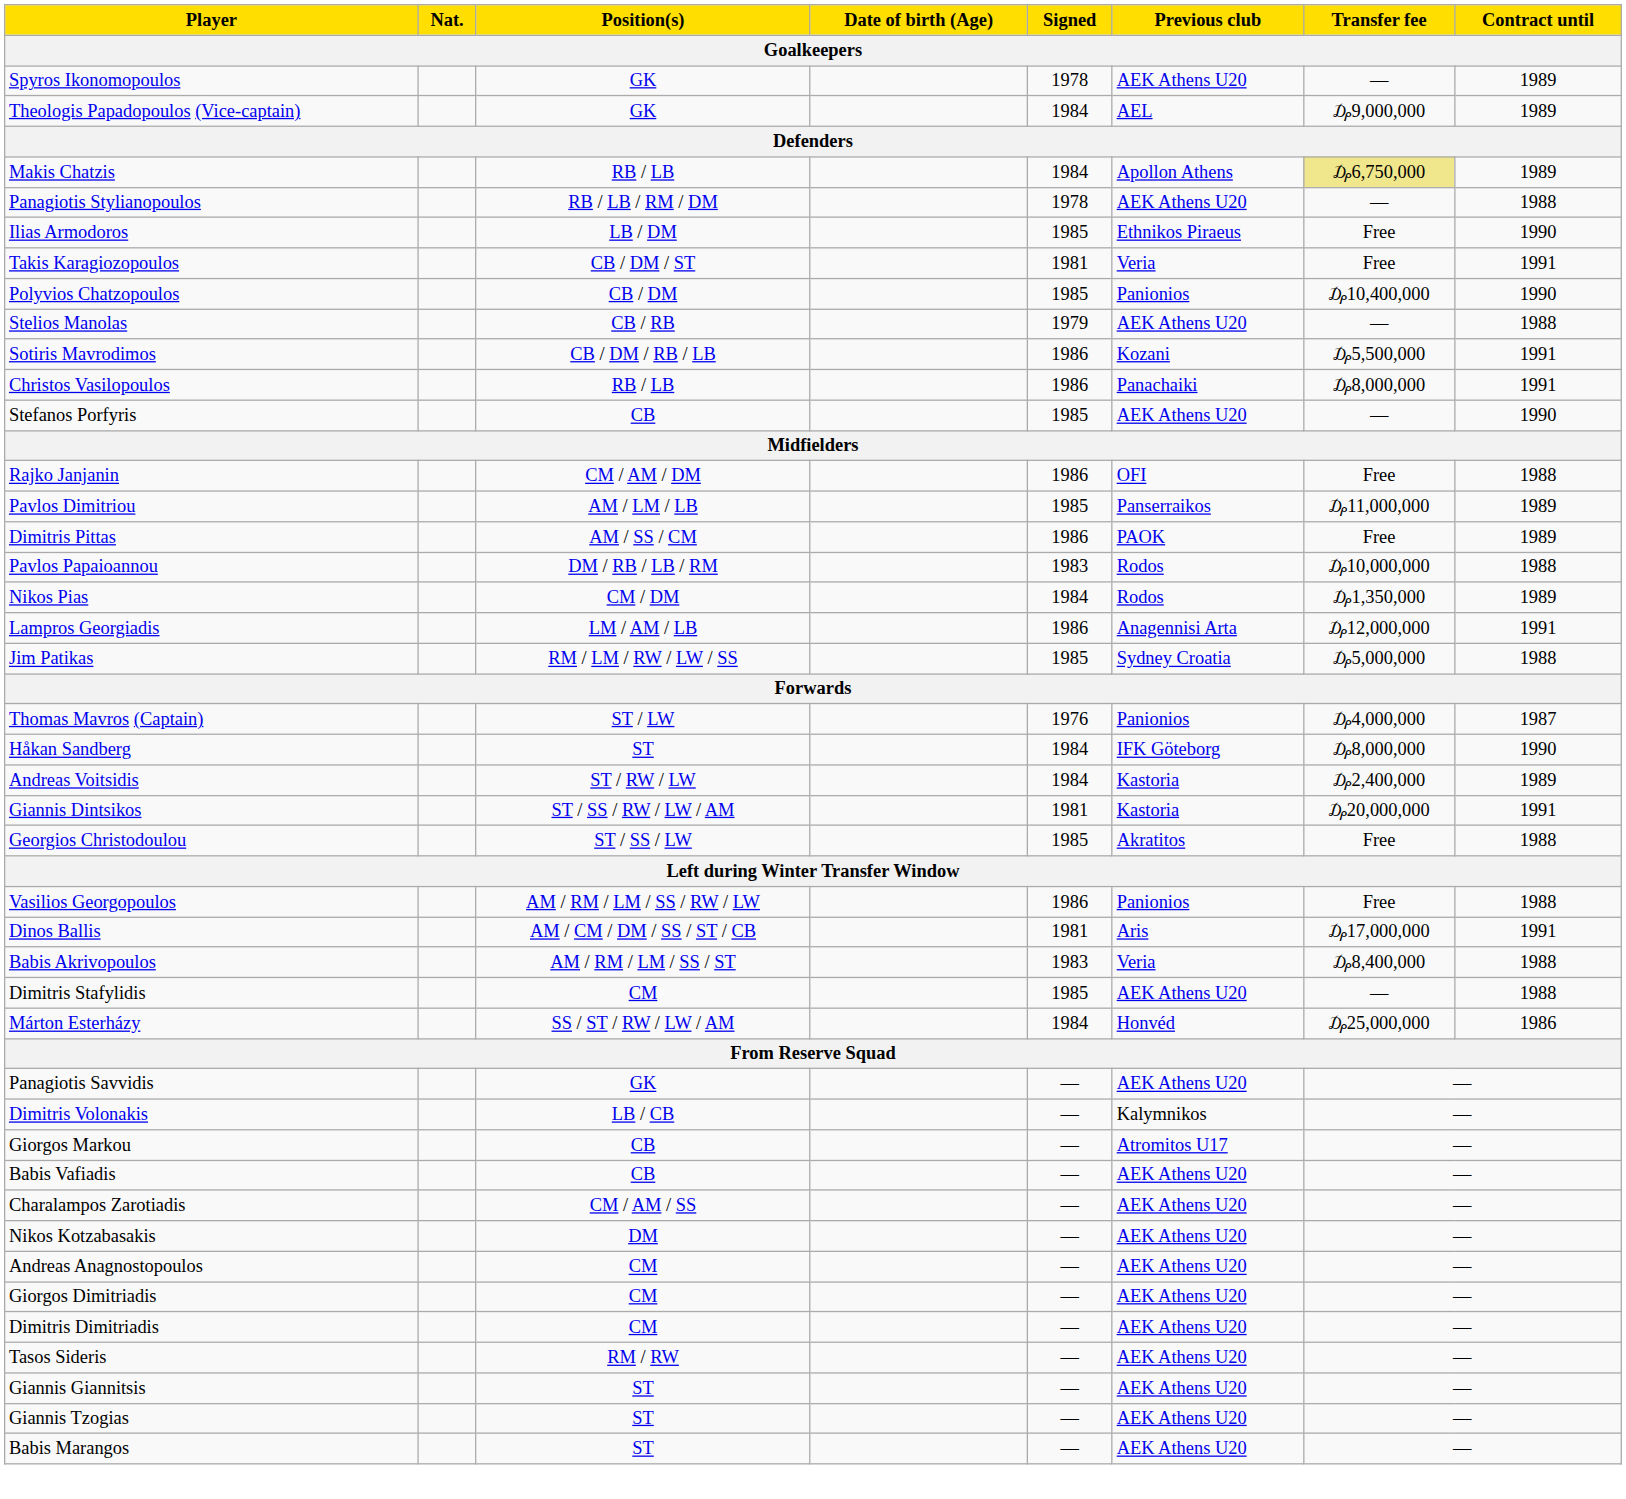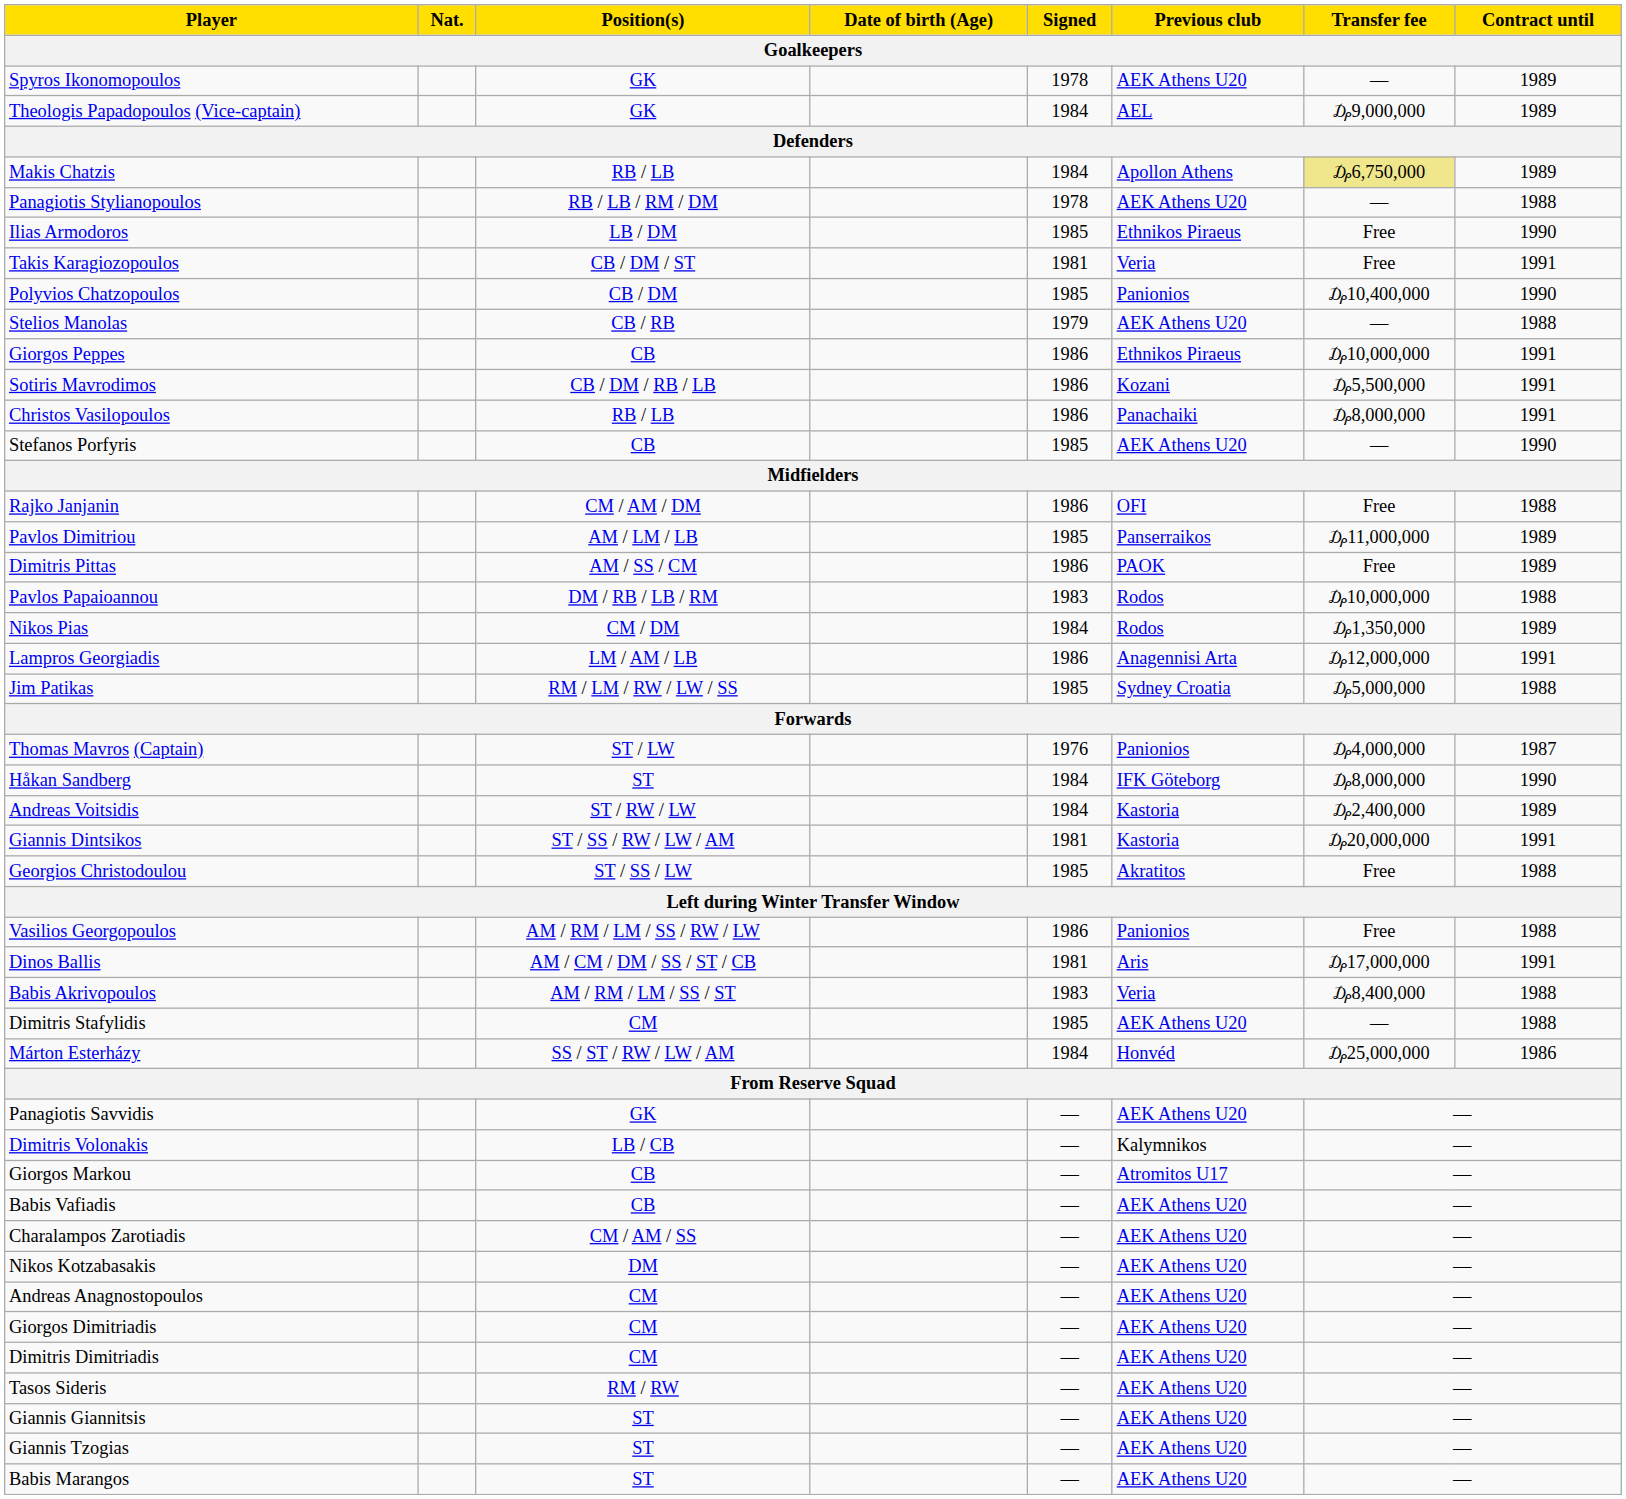 <table class="wikitable" style="text-align:center; font-size:90%;width:100%;">
 <tr>
 <th style="background:#FFDE00">Player</th>
 <th style="background:#FFDE00">Nat.</th>
 <th style="background:#FFDE00">Position(s)</th>
 <th style="background:#FFDE00">Date of birth (Age)</th>
 <th style="background:#FFDE00">Signed</th>
 <th style="background:#FFDE00">Previous club</th>
 <th style="background:#FFDE00">Transfer fee</th>
 <th style="background:#FFDE00">Contract until</th>
 </tr>
 <tr>
 <th colspan="8">Goalkeepers</th>
 </tr>
 <tr>
 <td align=left><a href='#'>Spyros Ikonomopoulos</a></td>
 <td></td>
 <td><a href='#'>GK</a></td>
 <td></td>
 <td>1978</td>
 <td align=left> <a href='#'>AEK Athens U20</a></td>
 <td>—</td>
 <td>1989</td>
 </tr>
 <tr>
 <td align=left><a href='#'>Theologis Papadopoulos</a> <a href='#'>(Vice-captain)</a></td>
 <td></td>
 <td><a href='#'>GK</a></td>
 <td></td>
 <td>1984</td>
 <td align=left> <a href='#'>AEL</a></td>
 <td>₯9,000,000</td>
 <td>1989</td>
 </tr>
 <tr>
 <th colspan="8">Defenders</th>
 </tr>
 <tr>
 <td align=left><a href='#'>Makis Chatzis</a></td>
 <td></td>
 <td><a href='#'>RB</a> / <a href='#'>LB</a></td>
 <td></td>
 <td>1984</td>
 <td align=left> <a href='#'>Apollon Athens</a></td>
 <td style="background: khaki;">₯6,750,000</td>
 <td>1989</td>
 </tr>
 <tr>
 <td align=left><a href='#'>Panagiotis Stylianopoulos</a></td>
 <td></td>
 <td><a href='#'>RB</a> / <a href='#'>LB</a> / <a href='#'>RM</a> / <a href='#'>DM</a></td>
 <td></td>
 <td>1978</td>
 <td align=left> <a href='#'>AEK Athens U20</a></td>
 <td>—</td>
 <td>1988</td>
 </tr>
 <tr>
 <td align=left><a href='#'>Ilias Armodoros</a></td>
 <td></td>
 <td><a href='#'>LB</a> / <a href='#'>DM</a></td>
 <td></td>
 <td>1985</td>
 <td align=left> <a href='#'>Ethnikos Piraeus</a></td>
 <td>Free</td>
 <td>1990</td>
 </tr>
 <tr>
 <td align=left><a href='#'>Takis Karagiozopoulos</a></td>
 <td></td>
 <td><a href='#'>CB</a> / <a href='#'>DM</a> / <a href='#'>ST</a></td>
 <td></td>
 <td>1981</td>
 <td align=left> <a href='#'>Veria</a></td>
 <td>Free</td>
 <td>1991</td>
 </tr>
 <tr>
 <td align=left><a href='#'>Polyvios Chatzopoulos</a></td>
 <td></td>
 <td><a href='#'>CB</a> / <a href='#'>DM</a></td>
 <td></td>
 <td>1985</td>
 <td align=left> <a href='#'>Panionios</a></td>
 <td>₯10,400,000</td>
 <td>1990</td>
 </tr>
 <tr>
 <td align=left><a href='#'>Stelios Manolas</a></td>
 <td></td>
 <td><a href='#'>CB</a> / <a href='#'>RB</a></td>
 <td></td>
 <td>1979</td>
 <td align=left> <a href='#'>AEK Athens U20</a></td>
 <td>—</td>
 <td>1988</td>
+</tr>
+<tr>
+<td align=left><a href='#'>Giorgos Peppes</a></td>
+<td></td>
+<td><a href='#'>CB</a></td>
+<td></td>
+<td>1986</td>
+<td align=left> <a href='#'>Ethnikos Piraeus</a></td>
+<td>₯10,000,000</td>
+<td>1991</td>
 </tr>
 <tr>
 <td align=left><a href='#'>Sotiris Mavrodimos</a></td>
 <td></td>
 <td><a href='#'>CB</a> / <a href='#'>DM</a> / <a href='#'>RB</a> / <a href='#'>LB</a></td>
 <td></td>
 <td>1986</td>
 <td align=left> <a href='#'>Kozani</a></td>
 <td>₯5,500,000</td>
 <td>1991</td>
 </tr>
 <tr>
 <td align=left><a href='#'>Christos Vasilopoulos</a></td>
 <td></td>
 <td><a href='#'>RB</a> / <a href='#'>LB</a></td>
 <td></td>
 <td>1986</td>
 <td align=left> <a href='#'>Panachaiki</a></td>
 <td>₯8,000,000</td>
 <td>1991</td>
 </tr>
 <tr>
 <td align=left>Stefanos Porfyris</td>
 <td></td>
 <td><a href='#'>CB</a></td>
 <td></td>
 <td>1985</td>
 <td align=left> <a href='#'>AEK Athens U20</a></td>
 <td>—</td>
 <td>1990</td>
 </tr>
 <tr>
 <th colspan="8">Midfielders</th>
 </tr>
 <tr>
 <td align=left><a href='#'>Rajko Janjanin</a></td>
 <td></td>
 <td><a href='#'>CM</a> / <a href='#'>AM</a> / <a href='#'>DM</a></td>
 <td></td>
 <td>1986</td>
 <td align=left> <a href='#'>OFI</a></td>
 <td>Free</td>
 <td>1988</td>
 </tr>
 <tr>
 <td align=left><a href='#'>Pavlos Dimitriou</a></td>
 <td></td>
 <td><a href='#'>AM</a> / <a href='#'>LM</a> / <a href='#'>LB</a></td>
 <td></td>
 <td>1985</td>
 <td align=left> <a href='#'>Panserraikos</a></td>
 <td>₯11,000,000</td>
 <td>1989</td>
 </tr>
 <tr>
 <td align=left><a href='#'>Dimitris Pittas</a></td>
 <td></td>
 <td><a href='#'>AM</a> / <a href='#'>SS</a> / <a href='#'>CM</a></td>
 <td></td>
 <td>1986</td>
 <td align=left> <a href='#'>PAOK</a></td>
 <td>Free</td>
 <td>1989</td>
 </tr>
 <tr>
 <td align=left><a href='#'>Pavlos Papaioannou</a></td>
 <td></td>
 <td><a href='#'>DM</a> / <a href='#'>RB</a> / <a href='#'>LB</a> / <a href='#'>RM</a></td>
 <td></td>
 <td>1983</td>
 <td align=left> <a href='#'>Rodos</a></td>
 <td>₯10,000,000</td>
 <td>1988</td>
 </tr>
 <tr>
 <td align=left><a href='#'>Nikos Pias</a></td>
 <td></td>
 <td><a href='#'>CM</a> / <a href='#'>DM</a></td>
 <td></td>
 <td>1984</td>
 <td align=left> <a href='#'>Rodos</a></td>
 <td>₯1,350,000</td>
 <td>1989</td>
 </tr>
 <tr>
 <td align=left><a href='#'>Lampros Georgiadis</a></td>
 <td></td>
 <td><a href='#'>LM</a> / <a href='#'>AM</a> / <a href='#'>LB</a></td>
 <td></td>
 <td>1986</td>
 <td align=left> <a href='#'>Anagennisi Arta</a></td>
 <td>₯12,000,000</td>
 <td>1991</td>
 </tr>
 <tr>
 <td align=left><a href='#'>Jim Patikas</a></td>
 <td></td>
 <td><a href='#'>RM</a> / <a href='#'>LM</a> / <a href='#'>RW</a> / <a href='#'>LW</a> / <a href='#'>SS</a></td>
 <td></td>
 <td>1985</td>
 <td align=left> <a href='#'>Sydney Croatia</a></td>
 <td>₯5,000,000</td>
 <td>1988</td>
 </tr>
 <tr>
 <th colspan="8">Forwards</th>
 </tr>
 <tr>
 <td align=left><a href='#'>Thomas Mavros</a> <a href='#'>(Captain)</a></td>
 <td></td>
 <td><a href='#'>ST</a> / <a href='#'>LW</a></td>
 <td></td>
 <td>1976</td>
 <td align=left> <a href='#'>Panionios</a></td>
 <td>₯4,000,000</td>
 <td>1987</td>
 </tr>
 <tr>
 <td align=left><a href='#'>Håkan Sandberg</a></td>
 <td></td>
 <td><a href='#'>ST</a></td>
 <td></td>
 <td>1984</td>
 <td align=left> <a href='#'>IFK Göteborg</a></td>
 <td>₯8,000,000</td>
 <td>1990</td>
 </tr>
 <tr>
 <td align=left><a href='#'>Andreas Voitsidis</a></td>
 <td></td>
 <td><a href='#'>ST</a> / <a href='#'>RW</a> / <a href='#'>LW</a></td>
 <td></td>
 <td>1984</td>
 <td align=left> <a href='#'>Kastoria</a></td>
 <td>₯2,400,000</td>
 <td>1989</td>
 </tr>
 <tr>
 <td align=left><a href='#'>Giannis Dintsikos</a></td>
 <td></td>
 <td><a href='#'>ST</a> / <a href='#'>SS</a> / <a href='#'>RW</a> / <a href='#'>LW</a> / <a href='#'>AM</a></td>
 <td></td>
 <td>1981</td>
 <td align=left> <a href='#'>Kastoria</a></td>
 <td>₯20,000,000</td>
 <td>1991</td>
 </tr>
 <tr>
 <td align=left><a href='#'>Georgios Christodoulou</a></td>
 <td></td>
 <td><a href='#'>ST</a> / <a href='#'>SS</a> / <a href='#'>LW</a></td>
 <td></td>
 <td>1985</td>
 <td align=left> <a href='#'>Akratitos</a></td>
 <td>Free</td>
 <td>1988</td>
 </tr>
 <tr>
 <th colspan="8">Left during Winter Transfer Window</th>
 </tr>
 <tr>
 <td align=left><a href='#'>Vasilios Georgopoulos</a></td>
 <td></td>
 <td><a href='#'>AM</a> / <a href='#'>RM</a> / <a href='#'>LM</a> / <a href='#'>SS</a> / <a href='#'>RW</a> / <a href='#'>LW</a></td>
 <td></td>
 <td>1986</td>
 <td align=left> <a href='#'>Panionios</a></td>
 <td>Free</td>
 <td>1988</td>
 </tr>
 <tr>
 <td align=left><a href='#'>Dinos Ballis</a></td>
 <td></td>
 <td><a href='#'>AM</a> / <a href='#'>CM</a> / <a href='#'>DM</a> / <a href='#'>SS</a> / <a href='#'>ST</a> / <a href='#'>CB</a></td>
 <td></td>
 <td>1981</td>
 <td align=left> <a href='#'>Aris</a></td>
 <td>₯17,000,000</td>
 <td>1991</td>
 </tr>
 <tr>
 <td align=left><a href='#'>Babis Akrivopoulos</a></td>
 <td></td>
 <td><a href='#'>AM</a> / <a href='#'>RM</a> / <a href='#'>LM</a> / <a href='#'>SS</a> / <a href='#'>ST</a></td>
 <td></td>
 <td>1983</td>
 <td align=left> <a href='#'>Veria</a></td>
 <td>₯8,400,000</td>
 <td>1988</td>
 </tr>
 <tr>
 <td align=left>Dimitris Stafylidis</td>
 <td></td>
 <td><a href='#'>CM</a></td>
 <td></td>
 <td>1985</td>
 <td align=left> <a href='#'>AEK Athens U20</a></td>
 <td>—</td>
 <td>1988</td>
 </tr>
 <tr>
 <td align=left><a href='#'>Márton Esterházy</a></td>
 <td></td>
 <td><a href='#'>SS</a> / <a href='#'>ST</a> / <a href='#'>RW</a> / <a href='#'>LW</a> / <a href='#'>AM</a></td>
 <td></td>
 <td>1984</td>
 <td align=left> <a href='#'>Honvéd</a></td>
 <td>₯25,000,000</td>
 <td>1986</td>
 </tr>
 <tr>
 <th colspan="8">From Reserve Squad</th>
 </tr>
 <tr>
 <td align=left>Panagiotis Savvidis</td>
 <td></td>
 <td><a href='#'>GK</a></td>
 <td></td>
 <td>—</td>
 <td align=left> <a href='#'>AEK Athens U20</a></td>
 <td colspan="2">—</td>
 </tr>
 <tr>
 <td align=left><a href='#'>Dimitris Volonakis</a></td>
 <td></td>
 <td><a href='#'>LB</a> / <a href='#'>CB</a></td>
 <td></td>
 <td>—</td>
 <td align=left> Kalymnikos</td>
 <td colspan="2">—</td>
 </tr>
 <tr>
 <td align=left>Giorgos Markou</td>
 <td></td>
 <td><a href='#'>CB</a></td>
 <td></td>
 <td>—</td>
 <td align=left> <a href='#'>Atromitos U17</a></td>
 <td colspan="2">—</td>
 </tr>
 <tr>
 <td align=left>Babis Vafiadis</td>
 <td></td>
 <td><a href='#'>CB</a></td>
 <td></td>
 <td>—</td>
 <td align=left> <a href='#'>AEK Athens U20</a></td>
 <td colspan="2">—</td>
 </tr>
 <tr>
 <td align=left>Charalampos Zarotiadis</td>
 <td></td>
 <td><a href='#'>CM</a> / <a href='#'>AM</a> / <a href='#'>SS</a></td>
 <td></td>
 <td>—</td>
 <td align=left> <a href='#'>AEK Athens U20</a></td>
 <td colspan="2">—</td>
 </tr>
 <tr>
 <td align=left>Nikos Kotzabasakis</td>
 <td></td>
 <td><a href='#'>DM</a></td>
 <td></td>
 <td>—</td>
 <td align=left> <a href='#'>AEK Athens U20</a></td>
 <td colspan="2">—</td>
 </tr>
 <tr>
 <td align=left>Andreas Anagnostopoulos</td>
 <td></td>
 <td><a href='#'>CM</a></td>
 <td></td>
 <td>—</td>
 <td align=left> <a href='#'>AEK Athens U20</a></td>
 <td colspan="2">—</td>
 </tr>
 <tr>
 <td align=left>Giorgos Dimitriadis</td>
 <td></td>
 <td><a href='#'>CM</a></td>
 <td></td>
 <td>—</td>
 <td align=left> <a href='#'>AEK Athens U20</a></td>
 <td colspan="2">—</td>
 </tr>
 <tr>
 <td align=left>Dimitris Dimitriadis</td>
 <td></td>
 <td><a href='#'>CM</a></td>
 <td></td>
 <td>—</td>
 <td align=left> <a href='#'>AEK Athens U20</a></td>
 <td colspan="2">—</td>
 </tr>
 <tr>
 <td align=left>Tasos Sideris</td>
 <td></td>
 <td><a href='#'>RM</a> / <a href='#'>RW</a></td>
 <td></td>
 <td>—</td>
 <td align=left> <a href='#'>AEK Athens U20</a></td>
 <td colspan="2">—</td>
 </tr>
 <tr>
 <td align=left>Giannis Giannitsis</td>
 <td></td>
 <td><a href='#'>ST</a></td>
 <td></td>
 <td>—</td>
 <td align=left> <a href='#'>AEK Athens U20</a></td>
 <td colspan="2">—</td>
 </tr>
 <tr>
 <td align=left>Giannis Tzogias</td>
 <td></td>
 <td><a href='#'>ST</a></td>
 <td></td>
 <td>—</td>
 <td align=left> <a href='#'>AEK Athens U20</a></td>
 <td colspan="2">—</td>
 </tr>
 <tr>
 <td align=left>Babis Marangos</td>
 <td></td>
 <td><a href='#'>ST</a></td>
 <td></td>
 <td>—</td>
 <td align=left> <a href='#'>AEK Athens U20</a></td>
 <td colspan="2">—</td>
 </tr>
 </table>
